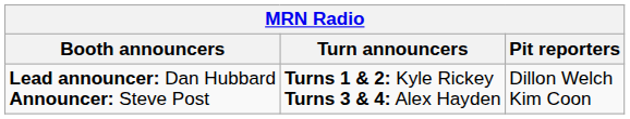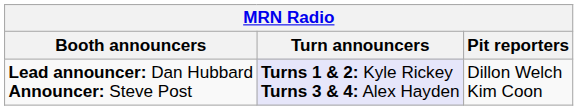 <table class="wikitable">
 <tr>
 <th colspan="3"><a href='#'>MRN Radio</a></th>
 </tr>
 <tr>
 <th>Booth announcers</th>
 <th>Turn announcers</th>
 <th>Pit reporters</th>
 </tr>
 <tr>
 <td><strong>Lead announcer:</strong> Dan Hubbard<br><strong>Announcer:</strong> Steve Post</td>
-<td><strong>Turns 1 & 2:</strong> Kyle Rickey<br><strong>Turns 3 & 4:</strong> Alex Hayden</td>
+<td style="background: lavender;"><strong>Turns 1 & 2:</strong> Kyle Rickey<br><strong>Turns 3 & 4:</strong> Alex Hayden</td>
 <td>Dillon Welch<br>Kim Coon</td>
 </tr>
 </table>
